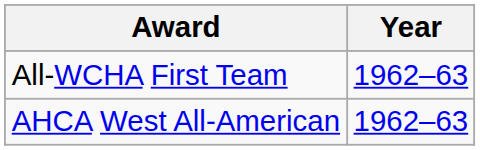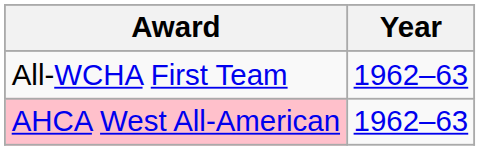 <table class="wikitable">
 <tr>
 <th>Award</th>
 <th>Year</th>
 </tr>
 <tr>
 <td>All-<a href='#'>WCHA</a> <a href='#'>First Team</a></td>
 <td><a href='#'>1962–63</a></td>
 </tr>
 <tr>
-<td><a href='#'>AHCA</a> <a href='#'>West All-American</a></td>
+<td style="background: pink;"><a href='#'>AHCA</a> <a href='#'>West All-American</a></td>
 <td><a href='#'>1962–63</a></td>
 </tr>
 </table>
